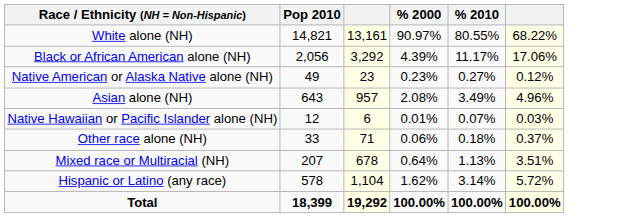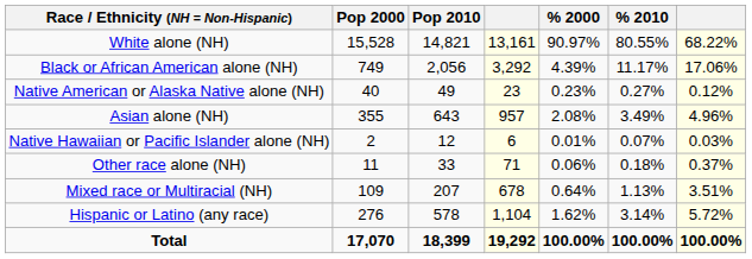 <table class="wikitable" style="text-align:center;">
 <tr>
 <th>Race / Ethnicity <small>(<em>NH = Non-Hispanic</em>)</small></th>
+<th>Pop 2000</th>
 <th>Pop 2010</th>
 <th></th>
 <th>% 2000</th>
 <th>% 2010</th>
 <th></th>
 </tr>
 <tr>
 <td><a href='#'>White</a> alone (NH)</td>
+<td>15,528</td>
 <td>14,821</td>
 <td style='background: #ffffe6;'>13,161</td>
 <td>90.97%</td>
 <td>80.55%</td>
 <td style='background: #ffffe6;'>68.22%</td>
 </tr>
 <tr>
 <td><a href='#'>Black or African American</a> alone (NH)</td>
+<td>749</td>
 <td>2,056</td>
 <td style='background: #ffffe6;'>3,292</td>
 <td>4.39%</td>
 <td>11.17%</td>
 <td style='background: #ffffe6;'>17.06%</td>
 </tr>
 <tr>
 <td><a href='#'>Native American</a> or <a href='#'>Alaska Native</a> alone (NH)</td>
+<td>40</td>
 <td>49</td>
 <td style='background: #ffffe6;'>23</td>
 <td>0.23%</td>
 <td>0.27%</td>
 <td style='background: #ffffe6;'>0.12%</td>
 </tr>
 <tr>
 <td><a href='#'>Asian</a> alone (NH)</td>
+<td>355</td>
 <td>643</td>
 <td style='background: #ffffe6;'>957</td>
 <td>2.08%</td>
 <td>3.49%</td>
 <td style='background: #ffffe6;'>4.96%</td>
 </tr>
 <tr>
 <td><a href='#'>Native Hawaiian</a> or <a href='#'>Pacific Islander</a> alone (NH)</td>
+<td>2</td>
 <td>12</td>
 <td style='background: #ffffe6;'>6</td>
 <td>0.01%</td>
 <td>0.07%</td>
 <td style='background: #ffffe6;'>0.03%</td>
 </tr>
 <tr>
 <td><a href='#'>Other race</a> alone (NH)</td>
+<td>11</td>
 <td>33</td>
 <td style='background: #ffffe6;'>71</td>
 <td>0.06%</td>
 <td>0.18%</td>
 <td style='background: #ffffe6;'>0.37%</td>
 </tr>
 <tr>
 <td><a href='#'>Mixed race or Multiracial</a> (NH)</td>
+<td>109</td>
 <td>207</td>
 <td style='background: #ffffe6;'>678</td>
 <td>0.64%</td>
 <td>1.13%</td>
 <td style='background: #ffffe6;'>3.51%</td>
 </tr>
 <tr>
 <td><a href='#'>Hispanic or Latino</a> (any race)</td>
+<td>276</td>
 <td>578</td>
 <td style='background: #ffffe6;'>1,104</td>
 <td>1.62%</td>
 <td>3.14%</td>
 <td style='background: #ffffe6;'>5.72%</td>
 </tr>
 <tr>
 <td><strong>Total</strong></td>
+<td><strong>17,070</strong></td>
 <td><strong>18,399</strong></td>
 <td style='background: #ffffe6;'><strong>19,292</strong></td>
 <td><strong>100.00%</strong></td>
 <td><strong>100.00%</strong></td>
 <td style='background: #ffffe6;'><strong>100.00%</strong></td>
 </tr>
 </table>
